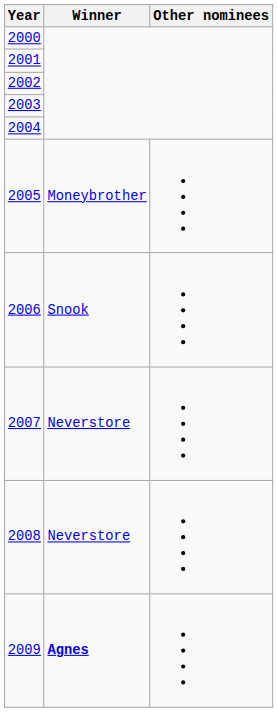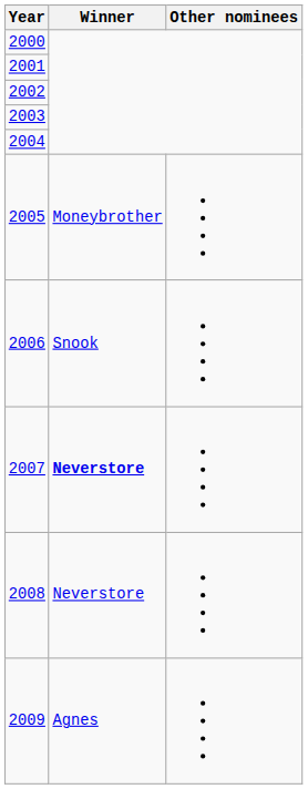 <table class="wikitable">
 <tr>
 <th>Year</th>
 <th>Winner</th>
 <th>Other nominees</th>
 </tr>
 <tr>
 <td><a href='#'>2000</a></td>
 <td rowspan=5 colspan=2></td>
 </tr>
 <tr>
 <td><a href='#'>2001</a></td>
 </tr>
 <tr>
 <td><a href='#'>2002</a></td>
 </tr>
 <tr>
 <td><a href='#'>2003</a></td>
 </tr>
 <tr>
 <td><a href='#'>2004</a></td>
 </tr>
 <tr>
 <td><a href='#'>2005</a></td>
 <td><a href='#'>Moneybrother</a></td>
 <td><br><ul><li></li><li></li><li></li><li></li></ul></td>
 </tr>
 <tr>
 <td><a href='#'>2006</a></td>
 <td><a href='#'>Snook</a></td>
 <td><br><ul><li></li><li></li><li></li><li></li></ul></td>
 </tr>
 <tr>
 <td><a href='#'>2007</a></td>
-<td><a href='#'>Neverstore</a></td>
+<td><strong><a href='#'>Neverstore</a></strong></td>
 <td><br><ul><li></li><li></li><li></li><li></li></ul></td>
 </tr>
 <tr>
 <td><a href='#'>2008</a></td>
 <td><a href='#'>Neverstore</a></td>
 <td><br><ul><li></li><li></li><li></li><li></li></ul></td>
 </tr>
 <tr>
 <td><a href='#'>2009</a></td>
-<td><strong><a href='#'>Agnes</a></strong></td>
+<td><a href='#'>Agnes</a></td>
 <td><br><ul><li></li><li></li><li></li><li></li></ul></td>
 </tr>
 </table>
